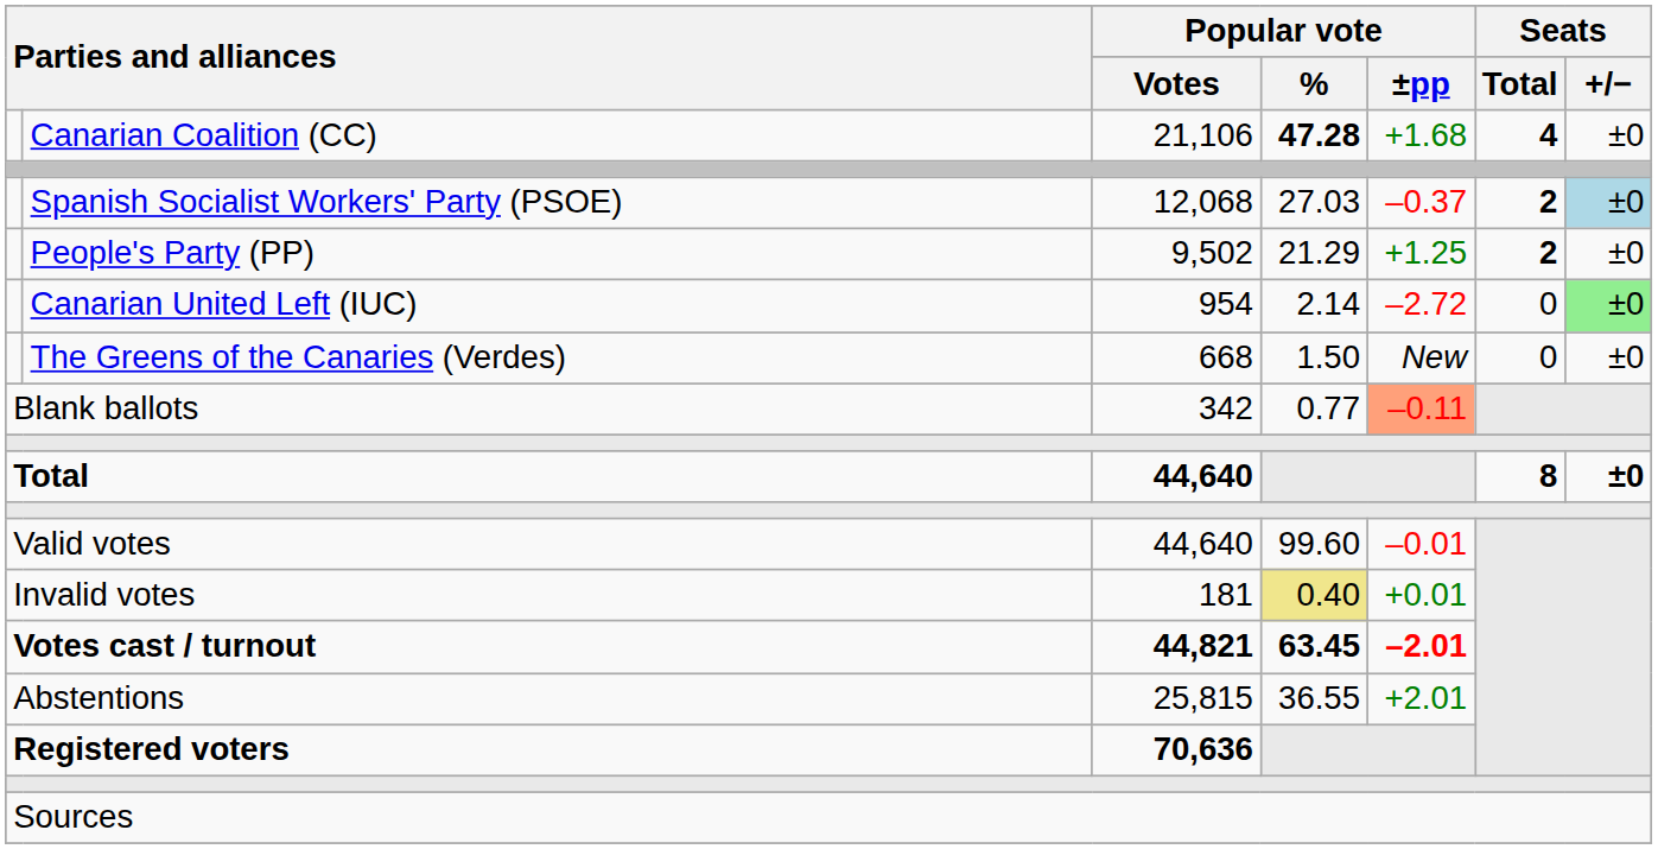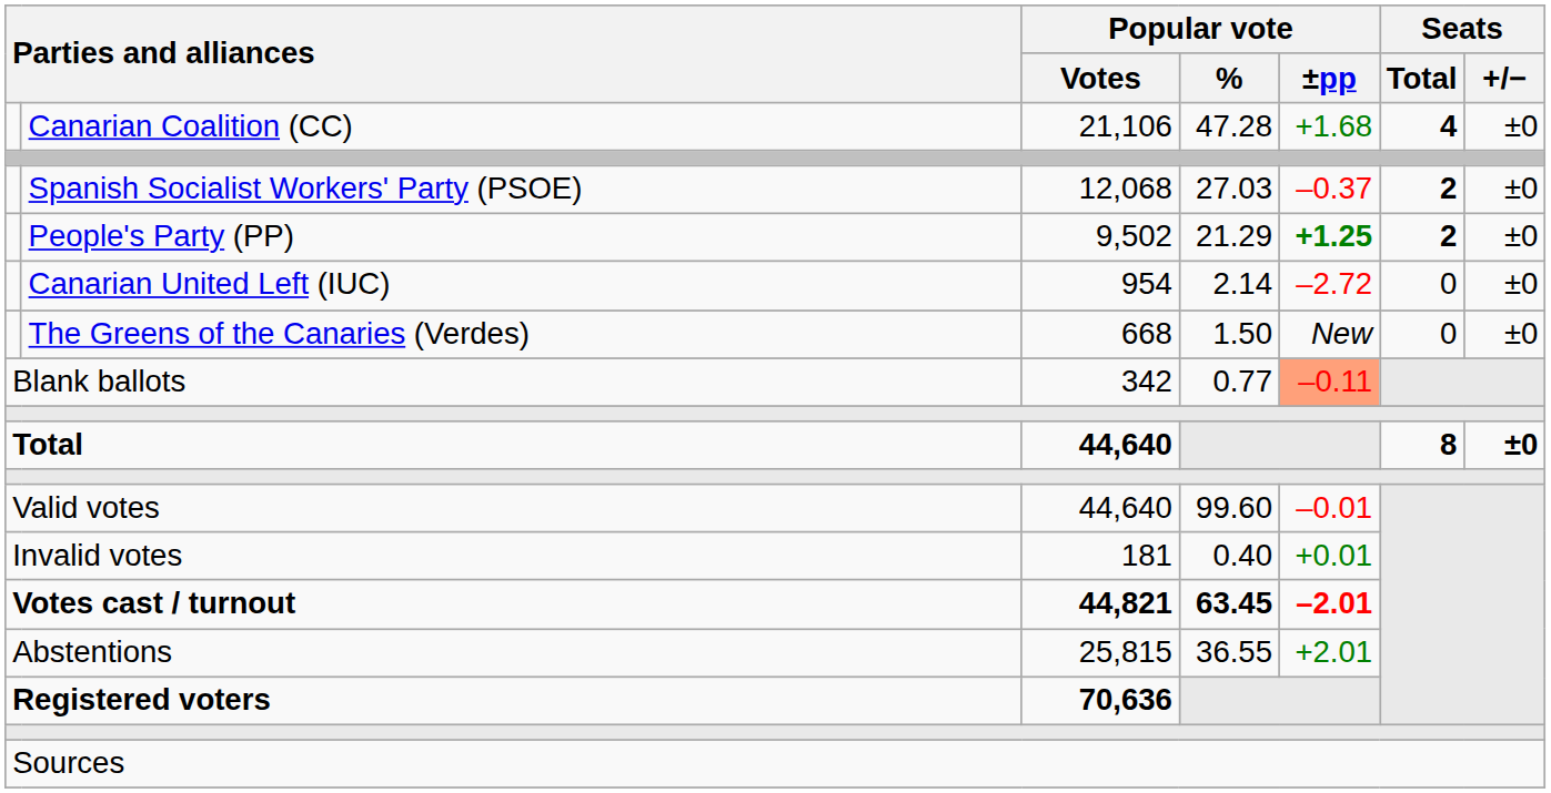 <table class="wikitable" style="text-align:right;">
 <tr>
 <th style="text-align:left;" rowspan="2" colspan="2" width="525">Parties and alliances</th>
 <th colspan="3">Popular vote</th>
 <th colspan="2">Seats</th>
 </tr>
 <tr>
 <th width="75">Votes</th>
 <th width="45">%</th>
 <th width="45">±<a href='#'>pp</a></th>
 <th width="35">Total</th>
 <th width="35">+/−</th>
 </tr>
 <tr>
 <td width="1" style="color:inherit;background:"></td>
 <td align="left"><a href='#'>Canarian Coalition</a> (CC)</td>
 <td>21,106</td>
-<td><strong>47.28</strong></td>
+<td>47.28</td>
 <td style="color:green;">+1.68</td>
 <td><strong>4</strong></td>
 <td>±0</td>
 </tr>
 <tr>
 <td colspan="7" bgcolor="#C0C0C0"></td>
 </tr>
 <tr>
 <td style="color:inherit;background:"></td>
 <td align="left"><a href='#'>Spanish Socialist Workers' Party</a> (PSOE)</td>
 <td>12,068</td>
 <td>27.03</td>
 <td style="color:red;">–0.37</td>
 <td><strong>2</strong></td>
-<td style="background: lightblue;">±0</td>
+<td>±0</td>
 </tr>
 <tr>
 <td style="color:inherit;background:"></td>
 <td align="left"><a href='#'>People's Party</a> (PP)</td>
 <td>9,502</td>
 <td>21.29</td>
-<td style="color:green;">+1.25</td>
+<td style="color:green;"><strong>+1.25</strong></td>
 <td><strong>2</strong></td>
 <td>±0</td>
 </tr>
 <tr>
 <td style="color:inherit;background:"></td>
 <td align="left"><a href='#'>Canarian United Left</a> (IUC)</td>
 <td>954</td>
 <td>2.14</td>
 <td style="color:red;">–2.72</td>
 <td>0</td>
-<td style="background: lightgreen;">±0</td>
+<td>±0</td>
 </tr>
 <tr>
 <td style="color:inherit;background:"></td>
 <td align="left"><a href='#'>The Greens of the Canaries</a> (Verdes)</td>
 <td>668</td>
 <td>1.50</td>
 <td><em>New</em></td>
 <td>0</td>
 <td>±0</td>
 </tr>
 <tr>
 <td align="left" colspan="2">Blank ballots</td>
 <td>342</td>
 <td>0.77</td>
 <td style="background: lightsalmon; color:red;">–0.11</td>
 <td bgcolor="#E9E9E9" colspan="2"></td>
 </tr>
 <tr>
 <td colspan="7" bgcolor="#E9E9E9"></td>
 </tr>
 <tr style="font-weight:bold;">
 <td align="left" colspan="2">Total</td>
 <td>44,640</td>
 <td bgcolor="#E9E9E9" colspan="2"></td>
 <td>8</td>
 <td>±0</td>
 </tr>
 <tr>
 <td colspan="7" bgcolor="#E9E9E9"></td>
 </tr>
 <tr>
 <td align="left" colspan="2">Valid votes</td>
 <td>44,640</td>
 <td>99.60</td>
 <td style="color:red;">–0.01</td>
 <td bgcolor="#E9E9E9" colspan="2" rowspan="5"></td>
 </tr>
 <tr>
 <td align="left" colspan="2">Invalid votes</td>
 <td>181</td>
-<td style="background: khaki;">0.40</td>
+<td>0.40</td>
 <td style="color:green;">+0.01</td>
 </tr>
 <tr style="font-weight:bold;">
 <td align="left" colspan="2">Votes cast / turnout</td>
 <td>44,821</td>
 <td>63.45</td>
 <td style="color:red;">–2.01</td>
 </tr>
 <tr>
 <td align="left" colspan="2">Abstentions</td>
 <td>25,815</td>
 <td>36.55</td>
 <td style="color:green;">+2.01</td>
 </tr>
 <tr style="font-weight:bold;">
 <td align="left" colspan="2">Registered voters</td>
 <td>70,636</td>
 <td bgcolor="#E9E9E9" colspan="2"></td>
 </tr>
 <tr>
 <td colspan="7" bgcolor="#E9E9E9"></td>
 </tr>
 <tr>
 <td align="left" colspan="7">Sources</td>
 </tr>
 </table>
